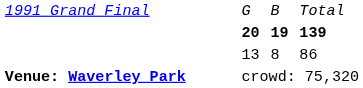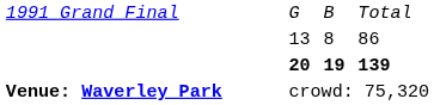 <table style="margin-right:4px; margin-top:8px; float:right; border:1px No.">
 <tr>
 <td width=200><em><a href='#'>1991 Grand Final</a></em></td>
 <td><em>G</em></td>
 <td><em>B</em></td>
 <td><em>Total</em></td>
 </tr>
 <tr>
 <td style="text-align:left"></td>
+<td>13</td>
+<td>8</td>
+<td>86</td>
+</tr>
+<tr>
+<td style="text-align:left"></td>
 <td><strong>20</strong></td>
 <td><strong>19</strong></td>
 <td><strong>139</strong></td>
-</tr>
-<tr>
-<td style="text-align:left"></td>
-<td>13</td>
-<td>8</td>
-<td>86</td>
 </tr>
 <tr>
 <td><strong>Venue: <a href='#'>Waverley Park</a></strong></td>
 <td colspan=3>crowd: 75,320</td>
 </tr>
 </table>
